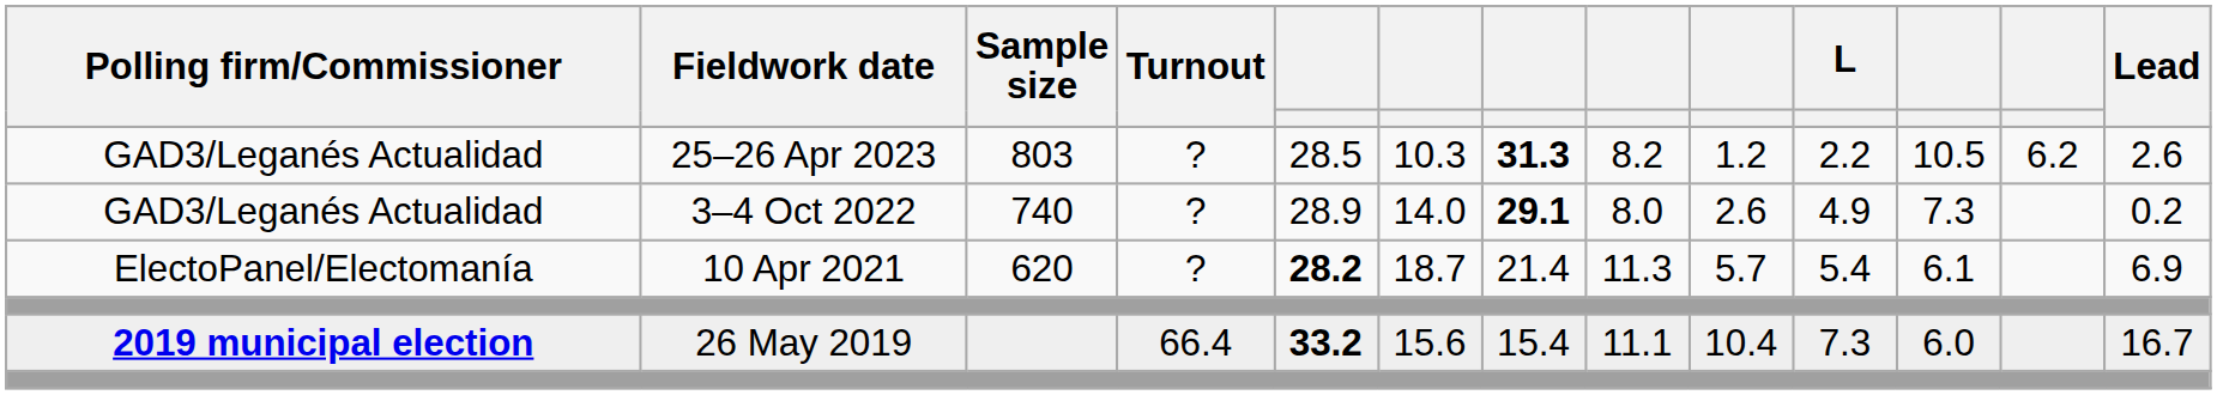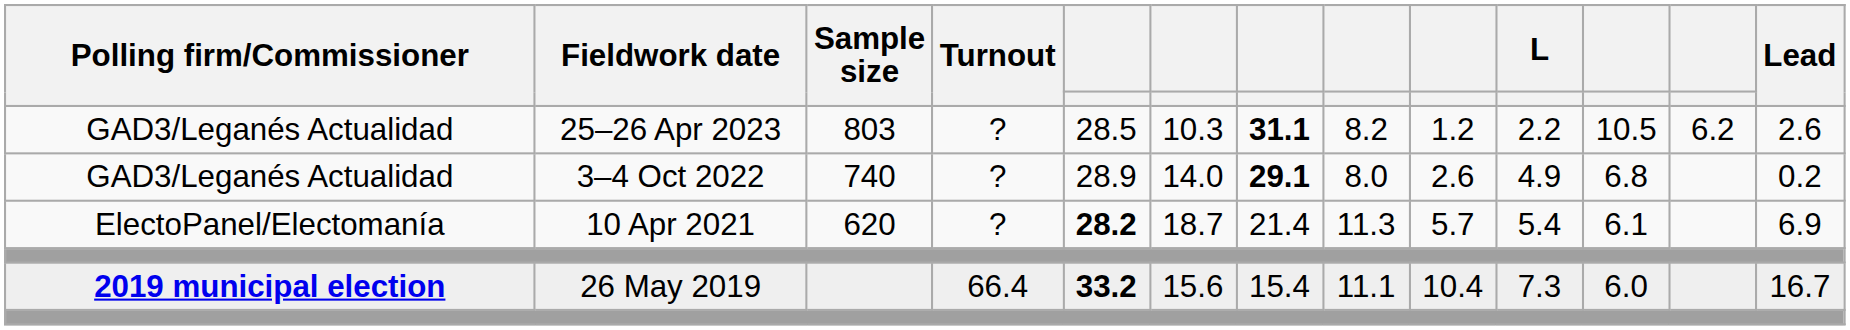 <table class="wikitable collapsible collapsed" style="text-align:center; font-size:95%; line-height:16px;">
 <tr style="height:42px;">
 <th style="width:250px;" rowspan="2">Polling firm/Commissioner</th>
 <th style="width:125px;" rowspan="2">Fieldwork date</th>
 <th style="width:50px;" rowspan="2">Sample size</th>
 <th style="width:45px;" rowspan="2">Turnout</th>
 <th style="width:35px;"></th>
 <th style="width:35px;"></th>
 <th style="width:35px;"></th>
 <th style="width:35px;"></th>
 <th style="width:35px;"></th>
 <th style="width:35px;">L</th>
 <th style="width:35px;"></th>
 <th style="width:35px;"></th>
 <th style="width:30px;" rowspan="2">Lead</th>
 </tr>
 <tr>
 <th style="color:inherit;background:"></th>
 <th style="color:inherit;background:"></th>
 <th style="color:inherit;background:"></th>
 <th style="color:inherit;background:"></th>
 <th style="color:inherit;background:"></th>
 <th style="color:inherit;background:"></th>
 <th style="color:inherit;background:"></th>
 <th style="color:inherit;background:"></th>
 </tr>
 <tr>
 <td>GAD3/Leganés Actualidad</td>
 <td>25–26 Apr 2023</td>
 <td>803</td>
 <td>?</td>
 <td>28.5<br></td>
 <td>10.3<br></td>
-<td><strong>31.3</strong><br></td>
+<td><strong>31.1</strong><br></td>
 <td>8.2<br></td>
 <td>1.2<br></td>
 <td>2.2<br></td>
 <td>10.5<br></td>
 <td>6.2<br></td>
 <td style="background:">2.6</td>
 </tr>
 <tr>
 <td>GAD3/Leganés Actualidad</td>
 <td>3–4 Oct 2022</td>
 <td>740</td>
 <td>?</td>
 <td>28.9<br></td>
 <td>14.0<br></td>
 <td><strong>29.1</strong><br></td>
 <td>8.0<br></td>
 <td>2.6<br></td>
 <td>4.9<br></td>
-<td>7.3<br></td>
+<td>6.8<br></td>
 <td></td>
 <td style="background:">0.2</td>
 </tr>
 <tr>
 <td>ElectoPanel/Electomanía</td>
 <td>10 Apr 2021</td>
 <td>620</td>
 <td>?</td>
 <td><strong>28.2</strong><br></td>
 <td>18.7<br></td>
 <td>21.4<br></td>
 <td>11.3<br></td>
 <td>5.7<br></td>
 <td>5.4<br></td>
 <td>6.1<br></td>
 <td></td>
 <td style="background:">6.9</td>
 </tr>
 <tr>
 <td colspan="13" style="background:#A0A0A0"></td>
 </tr>
 <tr style="background:#EFEFEF;">
 <td><strong><a href='#'>2019 municipal election</a></strong></td>
 <td>26 May 2019</td>
 <td></td>
 <td>66.4</td>
 <td><strong>33.2</strong><br></td>
 <td>15.6<br></td>
 <td>15.4<br></td>
 <td>11.1<br></td>
 <td>10.4<br></td>
 <td>7.3<br></td>
 <td>6.0<br></td>
 <td></td>
 <td style="background:">16.7</td>
 </tr>
 <tr>
 <td colspan="13" style="background:#A0A0A0"></td>
 </tr>
 </table>
